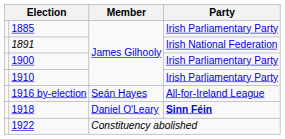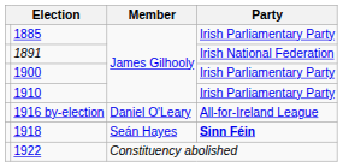 <table class="wikitable">
 <tr>
 <th colspan="2">Election</th>
 <th>Member</th>
 <th>Party</th>
 </tr>
 <tr>
 <td style="background-color: "></td>
 <td><a href='#'>1885</a></td>
 <td rowspan="4"><a href='#'>James Gilhooly</a></td>
 <td><a href='#'>Irish Parliamentary Party</a></td>
 </tr>
 <tr>
 <td style="background-color: "></td>
 <td><em>1891</em></td>
 <td><a href='#'>Irish National Federation</a></td>
 </tr>
 <tr>
 <td style="background-color: "></td>
 <td><a href='#'>1900</a></td>
 <td><a href='#'>Irish Parliamentary Party</a></td>
 </tr>
 <tr>
 <td style="background-color: "></td>
 <td><a href='#'>1910</a></td>
 <td><a href='#'>Irish Parliamentary Party</a></td>
 </tr>
 <tr>
 <td style="background-color: "></td>
 <td><a href='#'>1916 by-election</a></td>
-<td><a href='#'>Seán Hayes</a></td>
+<td><a href='#'>Daniel O'Leary</a></td>
 <td><a href='#'>All-for-Ireland League</a></td>
 </tr>
 <tr>
 <td style="background-color: "></td>
 <td><a href='#'>1918</a></td>
-<td><a href='#'>Daniel O'Leary</a></td>
+<td><a href='#'>Seán Hayes</a></td>
 <td><strong><a href='#'>Sinn Féin</a></strong></td>
 </tr>
 <tr>
 <td></td>
 <td><a href='#'>1922</a></td>
 <td colspan="2"><em>Constituency abolished</em></td>
 </tr>
 </table>
